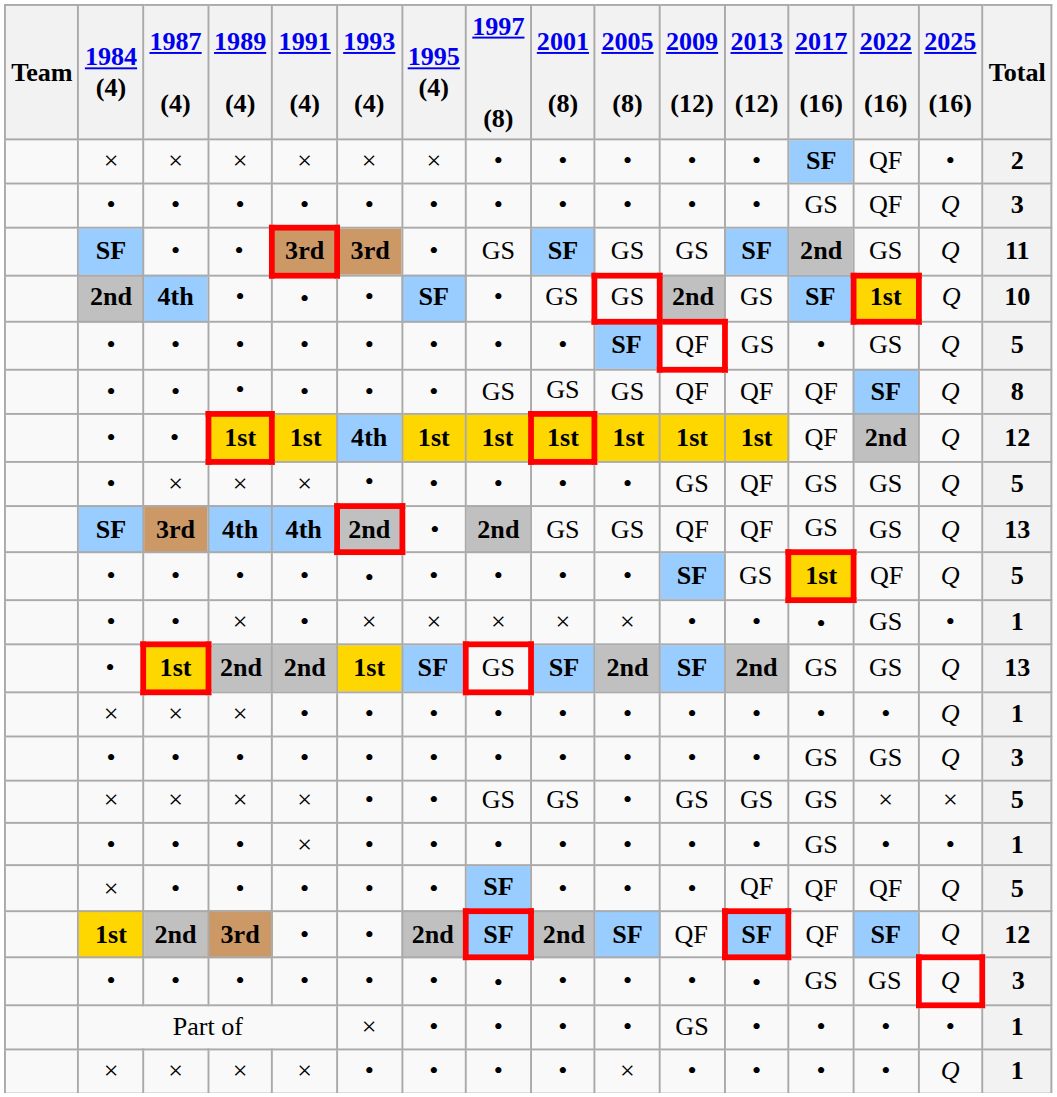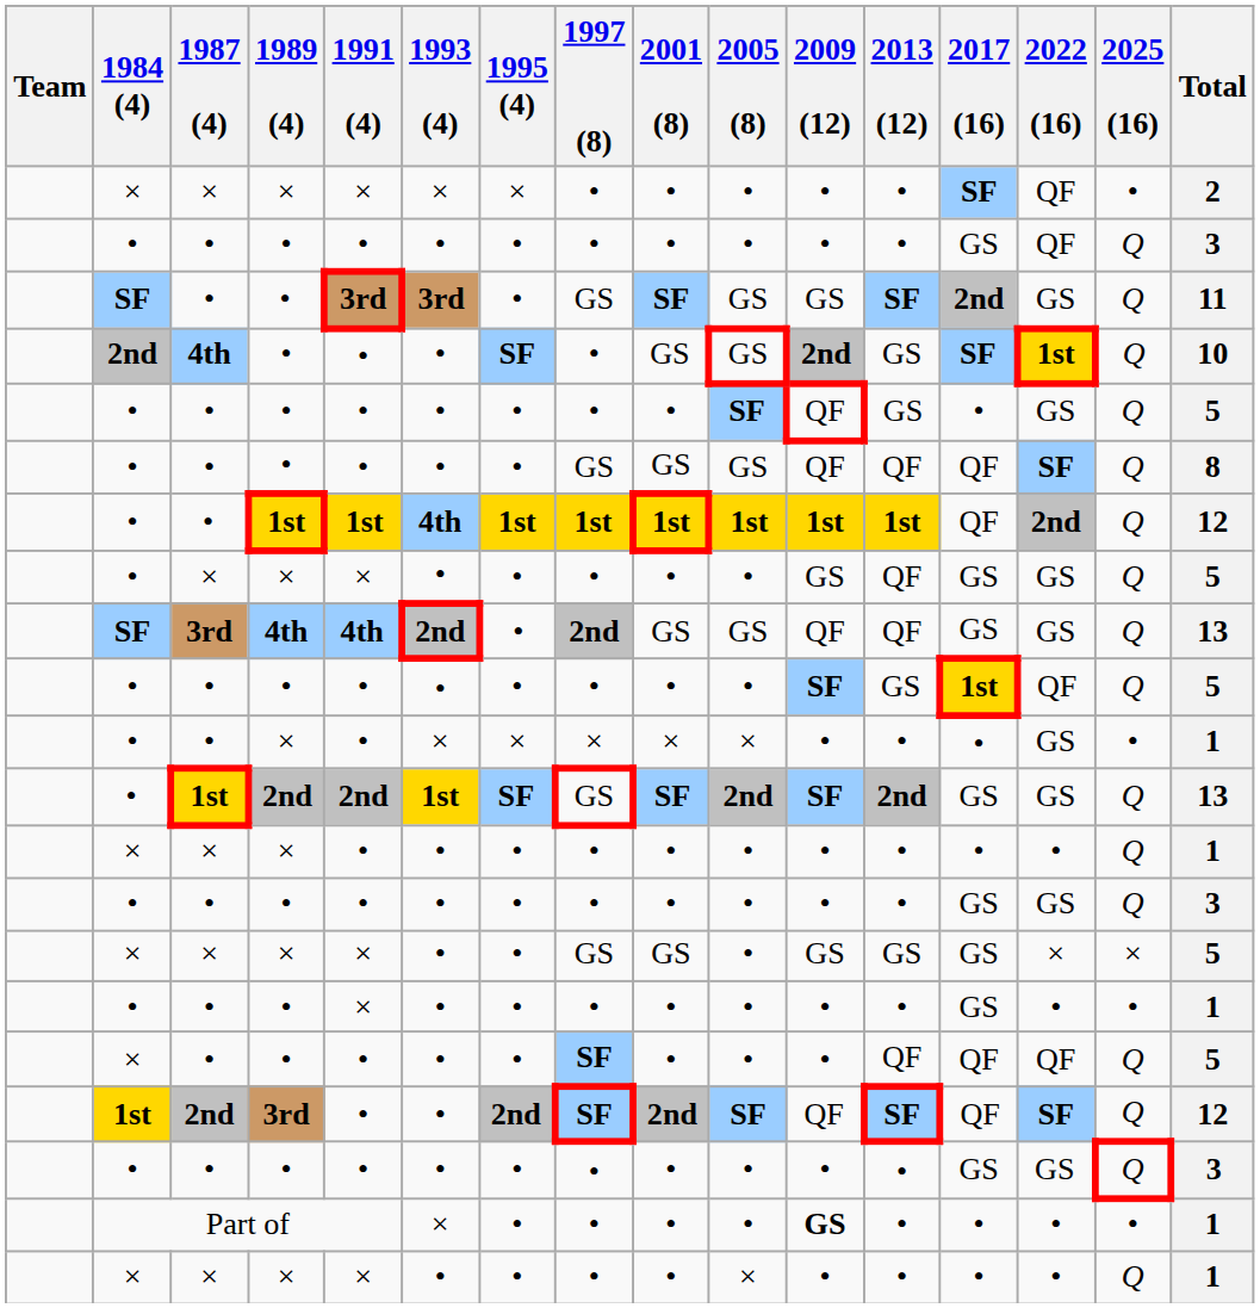 <table class="wikitable" style="text-align:center; font-size:85%;">
 <tr>
 <th>Team</th>
 <th><a href='#'>1984</a><br> (4)</th>
 <th><a href='#'>1987</a><br> <br> (4)</th>
 <th><a href='#'>1989</a><br> <br> (4)</th>
 <th><a href='#'>1991</a><br> <br> (4)</th>
 <th><a href='#'>1993</a><br> <br> (4)</th>
 <th><a href='#'>1995</a><br> (4)</th>
 <th><a href='#'>1997</a><br> <br><br> (8)</th>
 <th><a href='#'>2001</a><br> <br> (8)</th>
 <th><a href='#'>2005</a><br> <br> (8)</th>
 <th><a href='#'>2009</a><br> <br> (12)</th>
 <th><a href='#'>2013</a><br> <br> (12)</th>
 <th><a href='#'>2017</a><br>  <br> (16)</th>
 <th><a href='#'>2022</a><br>  <br> (16)</th>
 <th><a href='#'>2025</a><br> <br> (16)</th>
 <th>Total</th>
 </tr>
 <tr>
 <td align=left></td>
 <td>×</td>
 <td>×</td>
 <td>×</td>
 <td>×</td>
 <td>×</td>
 <td>×</td>
 <td>•</td>
 <td>•</td>
 <td>•</td>
 <td>•</td>
 <td>•</td>
 <td bgcolor=#9acdff><strong>SF</strong></td>
 <td>QF</td>
 <td>•</td>
 <th>2</th>
 </tr>
 <tr>
 <td align=left></td>
 <td>•</td>
 <td>•</td>
 <td>•</td>
 <td>•</td>
 <td>•</td>
 <td>•</td>
 <td>•</td>
 <td>•</td>
 <td>•</td>
 <td>•</td>
 <td>•</td>
 <td>GS</td>
 <td>QF</td>
 <td><em>Q</em></td>
 <th>3</th>
 </tr>
 <tr>
 <td align=left></td>
 <td bgcolor=#9acdff><strong>SF</strong></td>
 <td>•</td>
 <td>•</td>
 <td style="border:3px solid red" bgcolor=#cc9966><strong>3rd</strong></td>
 <td bgcolor=#cc9966><strong>3rd</strong></td>
 <td>•</td>
 <td>GS</td>
 <td bgcolor=#9acdff><strong>SF</strong></td>
 <td>GS</td>
 <td>GS</td>
 <td bgcolor=#9acdff><strong>SF</strong></td>
 <td bgcolor=Silver><strong>2nd</strong></td>
 <td>GS</td>
 <td><em>Q</em></td>
 <th>11</th>
 </tr>
 <tr>
 <td align=left></td>
 <td bgcolor=Silver><strong>2nd</strong></td>
 <td bgcolor=#9acdff><strong>4th</strong></td>
 <td>•</td>
 <td>•</td>
 <td>•</td>
 <td bgcolor=#9acdff><strong>SF</strong></td>
 <td>•</td>
 <td>GS</td>
 <td style="border:3px solid red">GS</td>
 <td bgcolor=Silver><strong>2nd</strong></td>
 <td>GS</td>
 <td bgcolor=#9acdff><strong>SF</strong></td>
 <td style="border:3px solid red" bgcolor=gold><strong>1st</strong></td>
 <td><em>Q</em></td>
 <th>10</th>
 </tr>
 <tr>
 <td align=left></td>
 <td>•</td>
 <td>•</td>
 <td>•</td>
 <td>•</td>
 <td>•</td>
 <td>•</td>
 <td>•</td>
 <td>•</td>
 <td bgcolor=#9acdff><strong>SF</strong></td>
 <td style="border:3px solid red">QF</td>
 <td>GS</td>
 <td>•</td>
 <td>GS</td>
 <td><em>Q</em></td>
 <th>5</th>
 </tr>
 <tr>
 <td align=left></td>
 <td>•</td>
 <td>•</td>
 <td>•</td>
 <td>•</td>
 <td>•</td>
 <td>•</td>
 <td>GS</td>
 <td>GS</td>
 <td>GS</td>
 <td>QF</td>
 <td>QF</td>
 <td>QF</td>
 <td bgcolor=#9acdff><strong>SF</strong></td>
 <td><em>Q</em></td>
 <th>8</th>
 </tr>
 <tr>
 <td align=left></td>
 <td>•</td>
 <td>•</td>
 <td style="border:3px solid red" bgcolor=Gold><strong>1st</strong></td>
 <td bgcolor=Gold><strong>1st</strong></td>
 <td bgcolor=#9acdff><strong>4th</strong></td>
 <td bgcolor=Gold><strong>1st</strong></td>
 <td bgcolor=Gold><strong>1st</strong></td>
 <td style="border:3px solid red" bgcolor=Gold><strong>1st</strong></td>
 <td bgcolor=Gold><strong>1st</strong></td>
 <td bgcolor=Gold><strong>1st</strong></td>
 <td bgcolor=Gold><strong>1st</strong></td>
 <td>QF</td>
 <td bgcolor=Silver><strong>2nd</strong></td>
 <td><em>Q</em></td>
 <th>12</th>
 </tr>
 <tr>
 <td align=left></td>
 <td>•</td>
 <td>×</td>
 <td>×</td>
 <td>×</td>
 <td>•</td>
 <td>•</td>
 <td>•</td>
 <td>•</td>
 <td>•</td>
 <td>GS</td>
 <td>QF</td>
 <td>GS</td>
 <td>GS</td>
 <td><em>Q</em></td>
 <th>5</th>
 </tr>
 <tr>
 <td align=left></td>
 <td bgcolor=#9acdff><strong>SF</strong></td>
 <td bgcolor=#cc9966><strong>3rd</strong></td>
 <td bgcolor=#9acdff><strong>4th</strong></td>
 <td bgcolor=#9acdff><strong>4th</strong></td>
 <td style="border:3px solid red" bgcolor=Silver><strong>2nd</strong></td>
 <td>•</td>
 <td bgcolor=Silver><strong>2nd</strong></td>
 <td>GS</td>
 <td>GS</td>
 <td>QF</td>
 <td>QF</td>
 <td>GS</td>
 <td>GS</td>
 <td><em>Q</em></td>
 <th>13</th>
 </tr>
 <tr>
 <td align=left></td>
 <td>•</td>
 <td>•</td>
 <td>•</td>
 <td>•</td>
 <td>•</td>
 <td>•</td>
 <td>•</td>
 <td>•</td>
 <td>•</td>
 <td bgcolor=#9acdff><strong>SF</strong></td>
 <td>GS</td>
 <td style="border:3px solid red" bgcolor=Gold><strong>1st</strong></td>
 <td>QF</td>
 <td><em>Q</em></td>
 <th>5</th>
 </tr>
 <tr>
 <td align=left></td>
 <td>•</td>
 <td>•</td>
 <td>×</td>
 <td>•</td>
 <td>×</td>
 <td>×</td>
 <td>×</td>
 <td>×</td>
 <td>×</td>
 <td>•</td>
 <td>•</td>
 <td>•</td>
 <td>GS</td>
 <td>•</td>
 <th>1</th>
 </tr>
 <tr>
 <td align=left></td>
 <td>•</td>
 <td style="border:3px solid red" bgcolor=Gold><strong>1st</strong></td>
 <td bgcolor=Silver><strong>2nd</strong></td>
 <td bgcolor=Silver><strong>2nd</strong></td>
 <td bgcolor=Gold><strong>1st</strong></td>
 <td bgcolor=#9acdff><strong>SF</strong></td>
 <td style="border:3px solid red">GS</td>
 <td bgcolor=#9acdff><strong>SF</strong></td>
 <td bgcolor=Silver><strong>2nd</strong></td>
 <td bgcolor=#9acdff><strong>SF</strong></td>
 <td bgcolor=Silver><strong>2nd</strong></td>
 <td>GS</td>
 <td>GS</td>
 <td><em>Q</em></td>
 <th>13</th>
 </tr>
 <tr>
 <td align=left></td>
 <td>×</td>
 <td>×</td>
 <td>×</td>
 <td>•</td>
 <td>•</td>
 <td>•</td>
 <td>•</td>
 <td>•</td>
 <td>•</td>
 <td>•</td>
 <td>•</td>
 <td>•</td>
 <td>•</td>
 <td><em>Q</em></td>
 <th>1</th>
 </tr>
 <tr>
 <td align=left></td>
 <td>•</td>
 <td>•</td>
 <td>•</td>
 <td>•</td>
 <td>•</td>
 <td>•</td>
 <td>•</td>
 <td>•</td>
 <td>•</td>
 <td>•</td>
 <td>•</td>
 <td>GS</td>
 <td>GS</td>
 <td><em>Q</em></td>
 <th>3</th>
 </tr>
 <tr>
 <td align=left></td>
 <td>×</td>
 <td>×</td>
 <td>×</td>
 <td>×</td>
 <td>•</td>
 <td>•</td>
 <td>GS</td>
 <td>GS</td>
 <td>•</td>
 <td>GS</td>
 <td>GS</td>
 <td>GS</td>
 <td>×</td>
 <td>×</td>
 <th>5</th>
 </tr>
 <tr>
 <td align=left></td>
 <td>•</td>
 <td>•</td>
 <td>•</td>
 <td>×</td>
 <td>•</td>
 <td>•</td>
 <td>•</td>
 <td>•</td>
 <td>•</td>
 <td>•</td>
 <td>•</td>
 <td>GS</td>
 <td>•</td>
 <td>•</td>
 <th>1</th>
 </tr>
 <tr>
 <td align=left></td>
 <td>×</td>
 <td>•</td>
 <td>•</td>
 <td>•</td>
 <td>•</td>
 <td>•</td>
 <td bgcolor=#9acdff><strong>SF</strong></td>
 <td>•</td>
 <td>•</td>
 <td>•</td>
 <td>QF</td>
 <td>QF</td>
 <td>QF</td>
 <td><em>Q</em></td>
 <th>5</th>
 </tr>
 <tr>
 <td align=left></td>
 <td bgcolor=Gold><strong>1st</strong></td>
 <td bgcolor=Silver><strong>2nd</strong></td>
 <td bgcolor=#cc9966><strong>3rd</strong></td>
 <td>•</td>
 <td>•</td>
 <td bgcolor=Silver><strong>2nd</strong></td>
 <td style="border:3px solid red" bgcolor=#9acdff><strong>SF</strong></td>
 <td bgcolor=Silver><strong>2nd</strong></td>
 <td bgcolor=#9acdff><strong>SF</strong></td>
 <td>QF</td>
 <td style="border:3px solid red" bgcolor=#9acdff><strong>SF</strong></td>
 <td>QF</td>
 <td bgcolor=#9acdff><strong>SF</strong></td>
 <td><em>Q</em></td>
 <th>12</th>
 </tr>
 <tr>
 <td align=left></td>
 <td>•</td>
 <td>•</td>
 <td>•</td>
 <td>•</td>
 <td>•</td>
 <td>•</td>
 <td>•</td>
 <td>•</td>
 <td>•</td>
 <td>•</td>
 <td>•</td>
 <td>GS</td>
 <td>GS</td>
 <td style="border:3px solid red"><em>Q</em></td>
 <th>3</th>
 </tr>
 <tr>
 <td align=left></td>
 <td colspan=4>Part of </td>
 <td>×</td>
 <td>•</td>
 <td>•</td>
 <td>•</td>
 <td>•</td>
-<td>GS</td>
+<td><strong>GS</strong></td>
 <td>•</td>
 <td>•</td>
 <td>•</td>
 <td>•</td>
 <th>1</th>
 </tr>
 <tr>
 <td align=left></td>
 <td>×</td>
 <td>×</td>
 <td>×</td>
 <td>×</td>
 <td>•</td>
 <td>•</td>
 <td>•</td>
 <td>•</td>
 <td>×</td>
 <td>•</td>
 <td>•</td>
 <td>•</td>
 <td>•</td>
 <td><em>Q</em></td>
 <th>1</th>
 </tr>
 </table>
